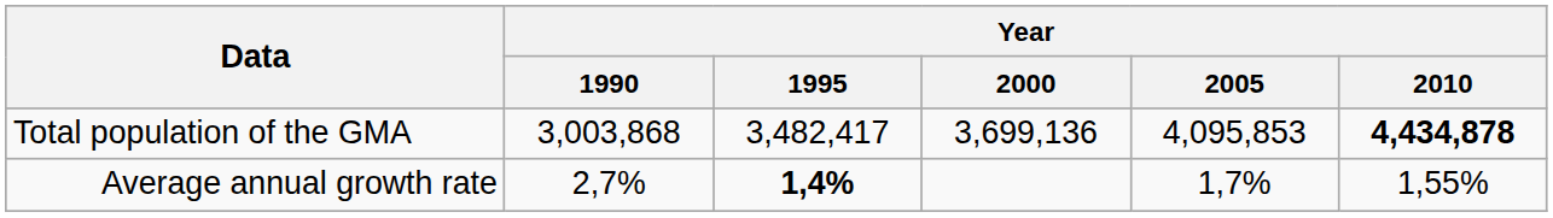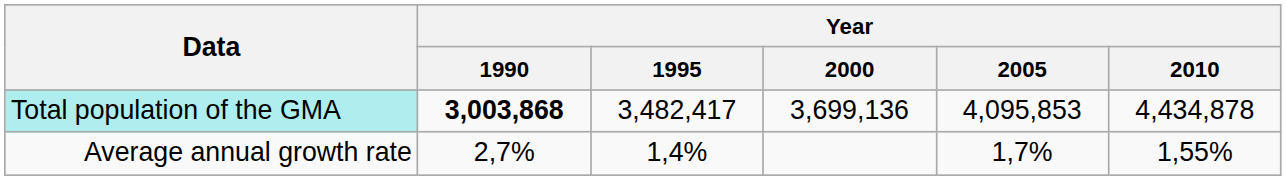 <table class="wikitable">
 <tr>
 <th rowspan="2" style="text-align:center; width: 15em">Data</th>
 <th colspan="5" style="text-align:auto"><small>Year</small></th>
 </tr>
 <tr bgcolor="f5f5f5">
 <th style="text-align:center; width: 06em"><small>1990</small></th>
 <th style="text-align:center; width: 06em"><small>1995</small></th>
 <th style="text-align:center; width: 06em"><small>2000</small></th>
 <th style="text-align:center; width: 06em"><small>2005</small></th>
 <th style="text-align:center; width: 06em"><small>2010</small></th>
 </tr>
 <tr>
-<td style="text-align:left">Total population of the GMA</td>
-<td style="text-align:center">3,003,868</td>
+<td style="background: paleturquoise; text-align:left">Total population of the GMA</td>
+<td style="text-align:center"><strong>3,003,868</strong></td>
 <td style="text-align:center">3,482,417</td>
 <td style="text-align:center">3,699,136</td>
 <td style="text-align:center">4,095,853</td>
-<td style="text-align:center"><strong>4,434,878</strong></td>
+<td style="text-align:center">4,434,878</td>
 </tr>
 <tr "f0f0f0">
 <td style="text-align:right">Average annual growth rate</td>
 <td style="text-align:center">2,7%</td>
-<td style="text-align:center"><strong>1,4%</strong></td>
+<td style="text-align:center">1,4%</td>
 <td style="text-align:center"></td>
 <td style="text-align:center">1,7%</td>
 <td style="text-align:center">1,55%</td>
 </tr>
 </table>
